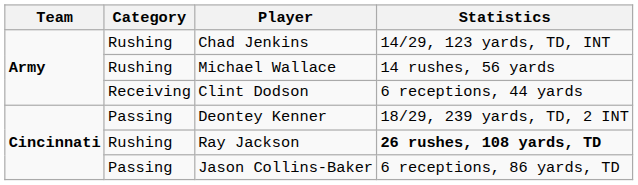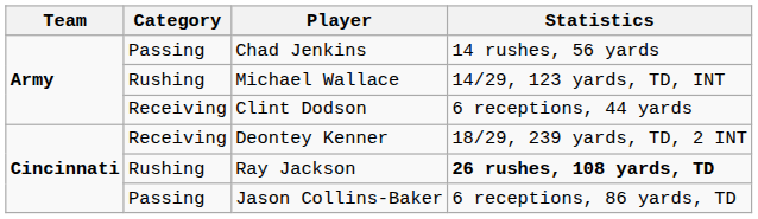 <table class="wikitable" style="float: right;">
 <tr>
 <th>Team</th>
 <th>Category</th>
 <th>Player</th>
 <th>Statistics</th>
 </tr>
 <tr>
 <td rowspan=3><strong>Army</strong></td>
-<td>Rushing</td>
+<td>Passing</td>
 <td>Chad Jenkins</td>
-<td>14/29, 123 yards, TD, INT</td>
+<td>14 rushes, 56 yards</td>
 </tr>
 <tr>
 <td>Rushing</td>
 <td>Michael Wallace</td>
-<td>14 rushes, 56 yards</td>
+<td>14/29, 123 yards, TD, INT</td>
 </tr>
 <tr>
 <td>Receiving</td>
 <td>Clint Dodson</td>
 <td>6 receptions, 44 yards</td>
 </tr>
 <tr>
 <td rowspan=3><strong>Cincinnati</strong></td>
-<td>Passing</td>
+<td>Receiving</td>
 <td>Deontey Kenner</td>
 <td>18/29, 239 yards, TD, 2 INT</td>
 </tr>
 <tr>
 <td>Rushing</td>
 <td>Ray Jackson</td>
 <td><strong>26 rushes, 108 yards, TD</strong></td>
 </tr>
 <tr>
 <td>Passing</td>
 <td>Jason Collins-Baker</td>
 <td>6 receptions, 86 yards, TD</td>
 </tr>
 </table>
